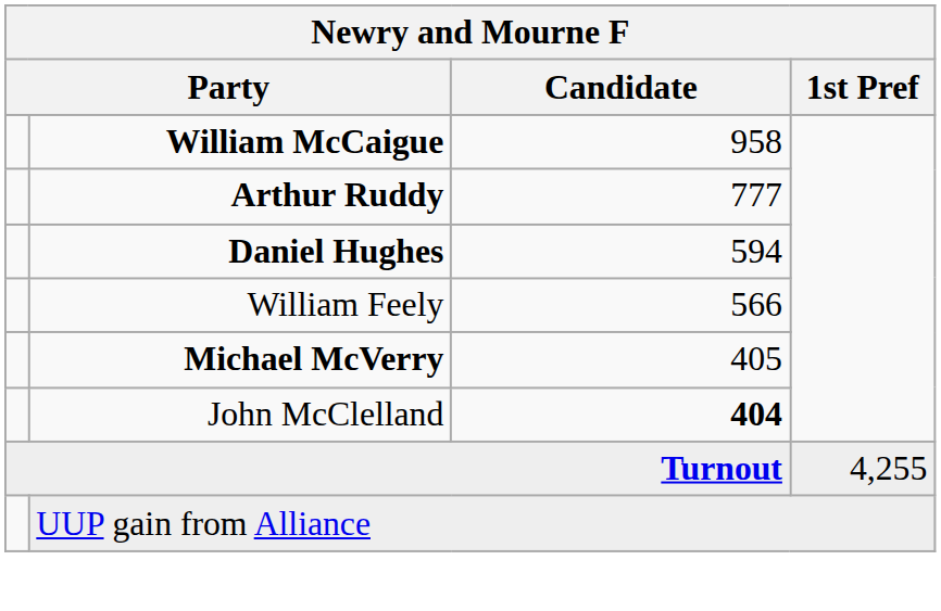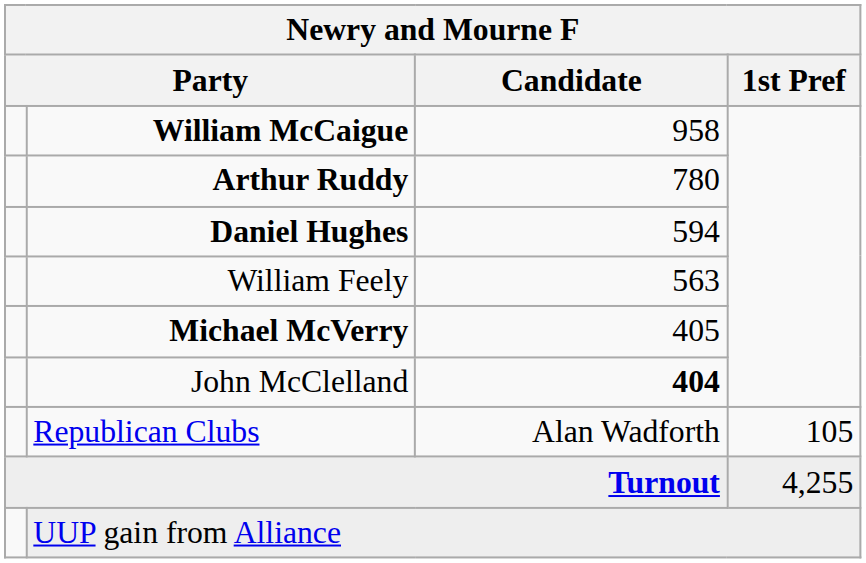 <table class="wikitable">
 <tr>
 <th colspan="4" align="center">Newry and Mourne F</th>
 </tr>
 <tr>
 <th colspan="2" align="center" width=200>Party</th>
 <th width=150>Candidate</th>
 <th width=60>1st Pref</th>
 </tr>
 <tr>
 <td></td>
 <td align="right"><strong>William McCaigue</strong></td>
 <td align="right">958</td>
 </tr>
 <tr>
 <td></td>
 <td align="right"><strong>Arthur Ruddy</strong></td>
-<td align="right">777</td>
+<td align="right">780</td>
 </tr>
 <tr>
 <td></td>
 <td align="right"><strong>Daniel Hughes</strong></td>
 <td align="right">594</td>
 </tr>
 <tr>
 <td></td>
 <td align="right">William Feely</td>
-<td align="right">566</td>
+<td align="right">563</td>
 </tr>
 <tr>
 <td></td>
 <td align="right"><strong>Michael McVerry</strong></td>
 <td align="right">405</td>
 </tr>
 <tr>
 <td></td>
 <td align="right">John McClelland</td>
 <td align="right"><strong>404</strong></td>
 </tr>
+<tr>
+<td style="background-color: "></td>
+<td><a href='#'>Republican Clubs</a></td>
+<td align="right">Alan Wadforth</td>
+<td align="right">105</td>
+</tr>
 <tr bgcolor="EEEEEE">
 <td colspan=3 align="right"><strong><a href='#'>Turnout</a></strong></td>
 <td align="right">4,255</td>
 </tr>
 <tr>
 <td bgcolor=></td>
 <td colspan=3 bgcolor="EEEEEE"><a href='#'>UUP</a> gain from <a href='#'>Alliance</a></td>
 </tr>
 </table>
